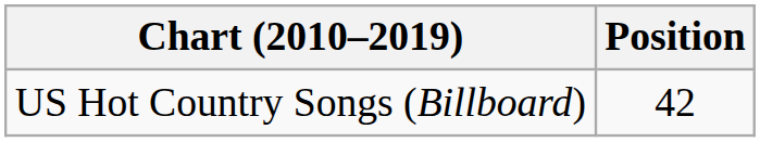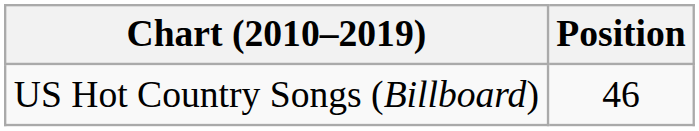 <table class="wikitable">
 <tr>
 <th>Chart (2010–2019)</th>
 <th>Position</th>
 </tr>
 <tr>
 <td>US Hot Country Songs (<em>Billboard</em>)</td>
-<td style="text-align:center;">42</td>
+<td style="text-align:center;">46</td>
 </tr>
 </table>
